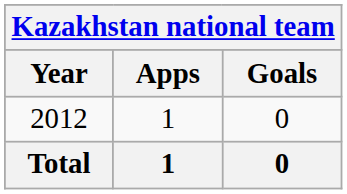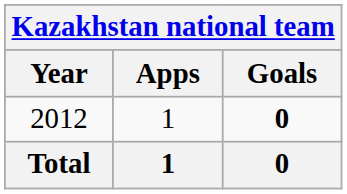 <table class="wikitable" style="text-align:center">
 <tr>
 <th colspan=3><a href='#'>Kazakhstan national team</a></th>
 </tr>
 <tr>
 <th>Year</th>
 <th>Apps</th>
 <th>Goals</th>
 </tr>
 <tr>
 <td>2012</td>
 <td>1</td>
-<td>0</td>
+<td><strong>0</strong></td>
 </tr>
 <tr>
 <th>Total</th>
 <th>1</th>
 <th>0</th>
 </tr>
 </table>
